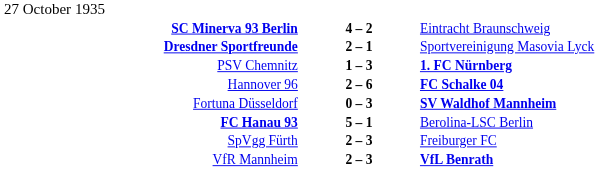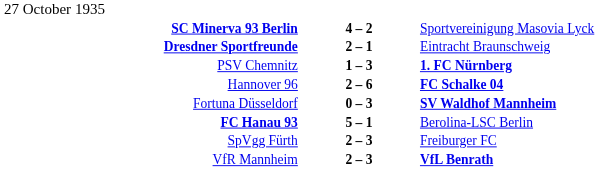 <table width=100% cellspacing=1>
 <tr>
 <th width=25%></th>
 <th width=10%></th>
 <th width=25%></th>
 <th></th>
 </tr>
 <tr>
 <td>27 October 1935</td>
 </tr>
 <tr style=font-size:90%>
 <td align=right><strong><a href='#'>SC Minerva 93 Berlin</a></strong></td>
 <td align=center><strong>4 – 2</strong></td>
-<td><a href='#'>Eintracht Braunschweig</a></td>
+<td><a href='#'>Sportvereinigung Masovia Lyck</a></td>
 </tr>
 <tr style=font-size:90%>
 <td align=right><strong><a href='#'>Dresdner Sportfreunde</a></strong></td>
 <td align=center><strong>2 – 1</strong></td>
-<td><a href='#'>Sportvereinigung Masovia Lyck</a></td>
+<td><a href='#'>Eintracht Braunschweig</a></td>
 </tr>
 <tr style=font-size:90%>
 <td align=right><a href='#'>PSV Chemnitz</a></td>
 <td align=center><strong>1 – 3</strong></td>
 <td><strong><a href='#'>1. FC Nürnberg</a></strong></td>
 </tr>
 <tr style=font-size:90%>
 <td align=right><a href='#'>Hannover 96</a></td>
 <td align=center><strong>2 – 6</strong></td>
 <td><strong><a href='#'>FC Schalke 04</a></strong></td>
 </tr>
 <tr style=font-size:90%>
 <td align=right><a href='#'>Fortuna Düsseldorf</a></td>
 <td align=center><strong>0 – 3</strong></td>
 <td><strong><a href='#'>SV Waldhof Mannheim</a></strong></td>
 </tr>
 <tr style=font-size:90%>
 <td align=right><strong><a href='#'>FC Hanau 93</a></strong></td>
 <td align=center><strong>5 – 1</strong></td>
 <td><a href='#'>Berolina-LSC Berlin</a></td>
 </tr>
 <tr style=font-size:90%>
 <td align=right><a href='#'>SpVgg Fürth</a></td>
 <td align=center><strong>2 – 3</strong></td>
 <td><a href='#'>Freiburger FC</a></td>
 </tr>
 <tr style=font-size:90%>
 <td align=right><a href='#'>VfR Mannheim</a></td>
 <td align=center><strong>2 – 3</strong></td>
 <td><strong><a href='#'>VfL Benrath</a></strong></td>
 </tr>
 </table>
